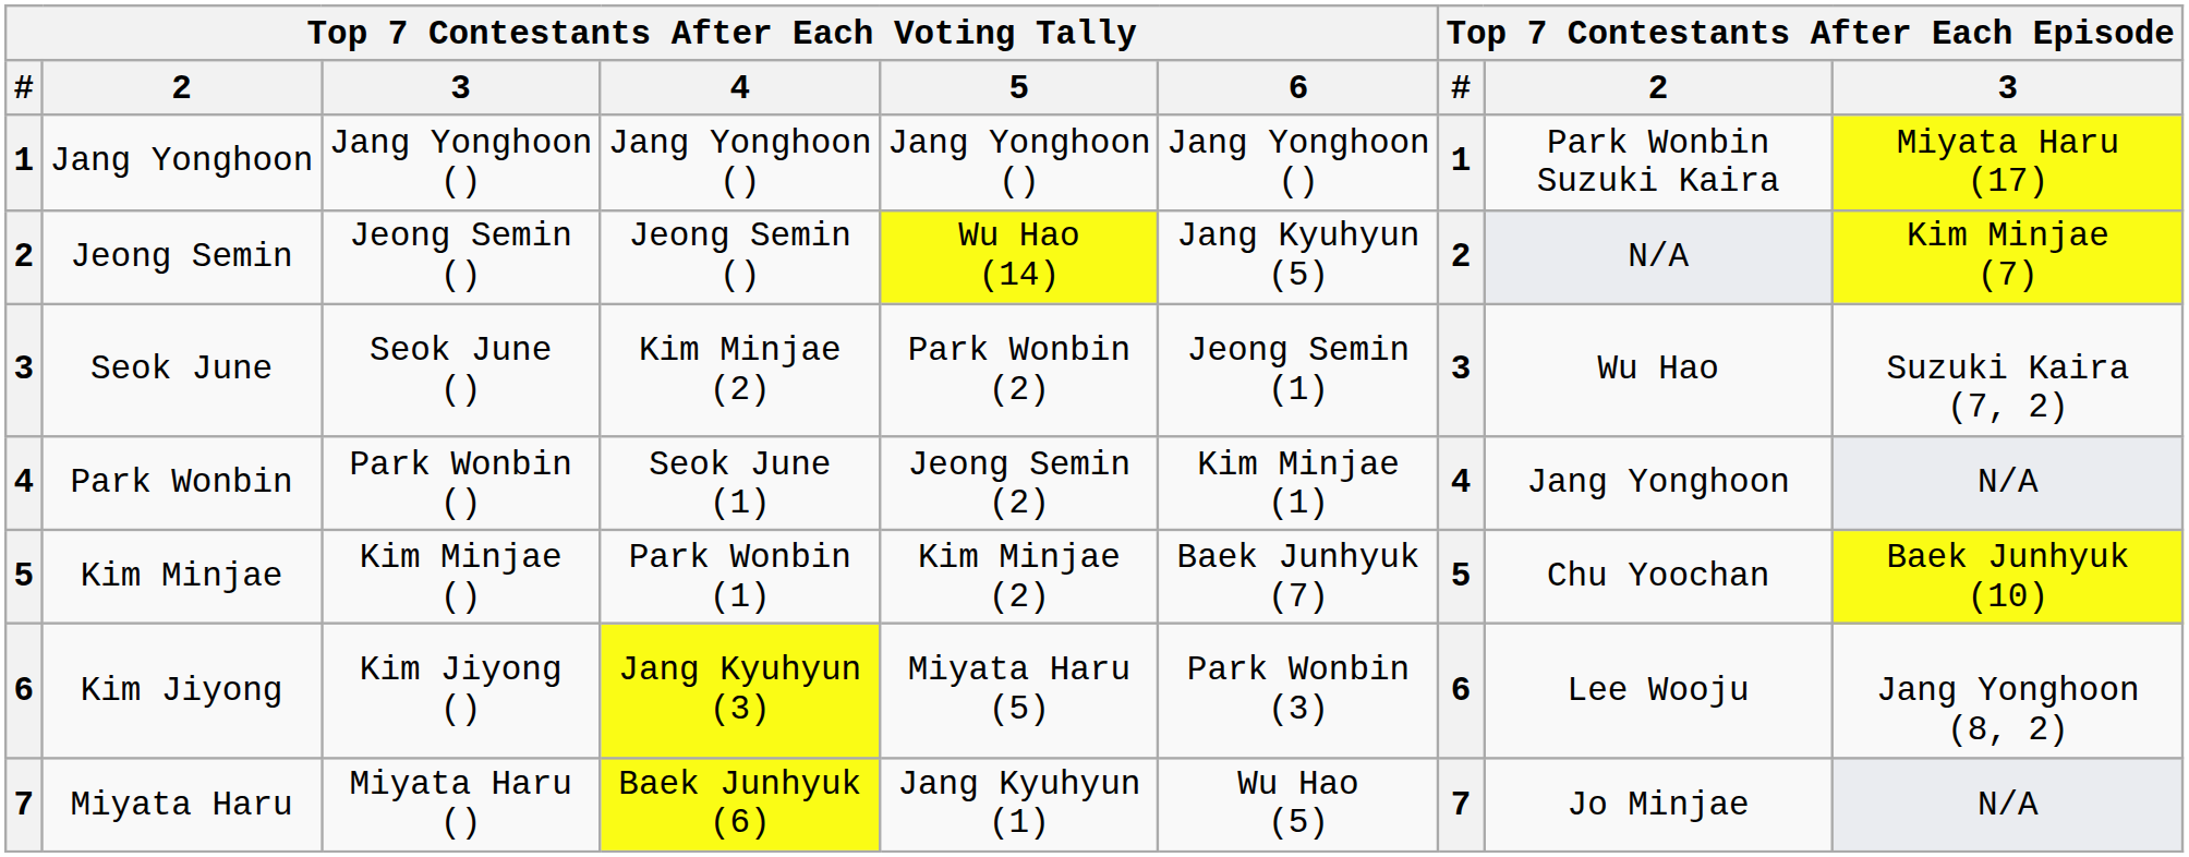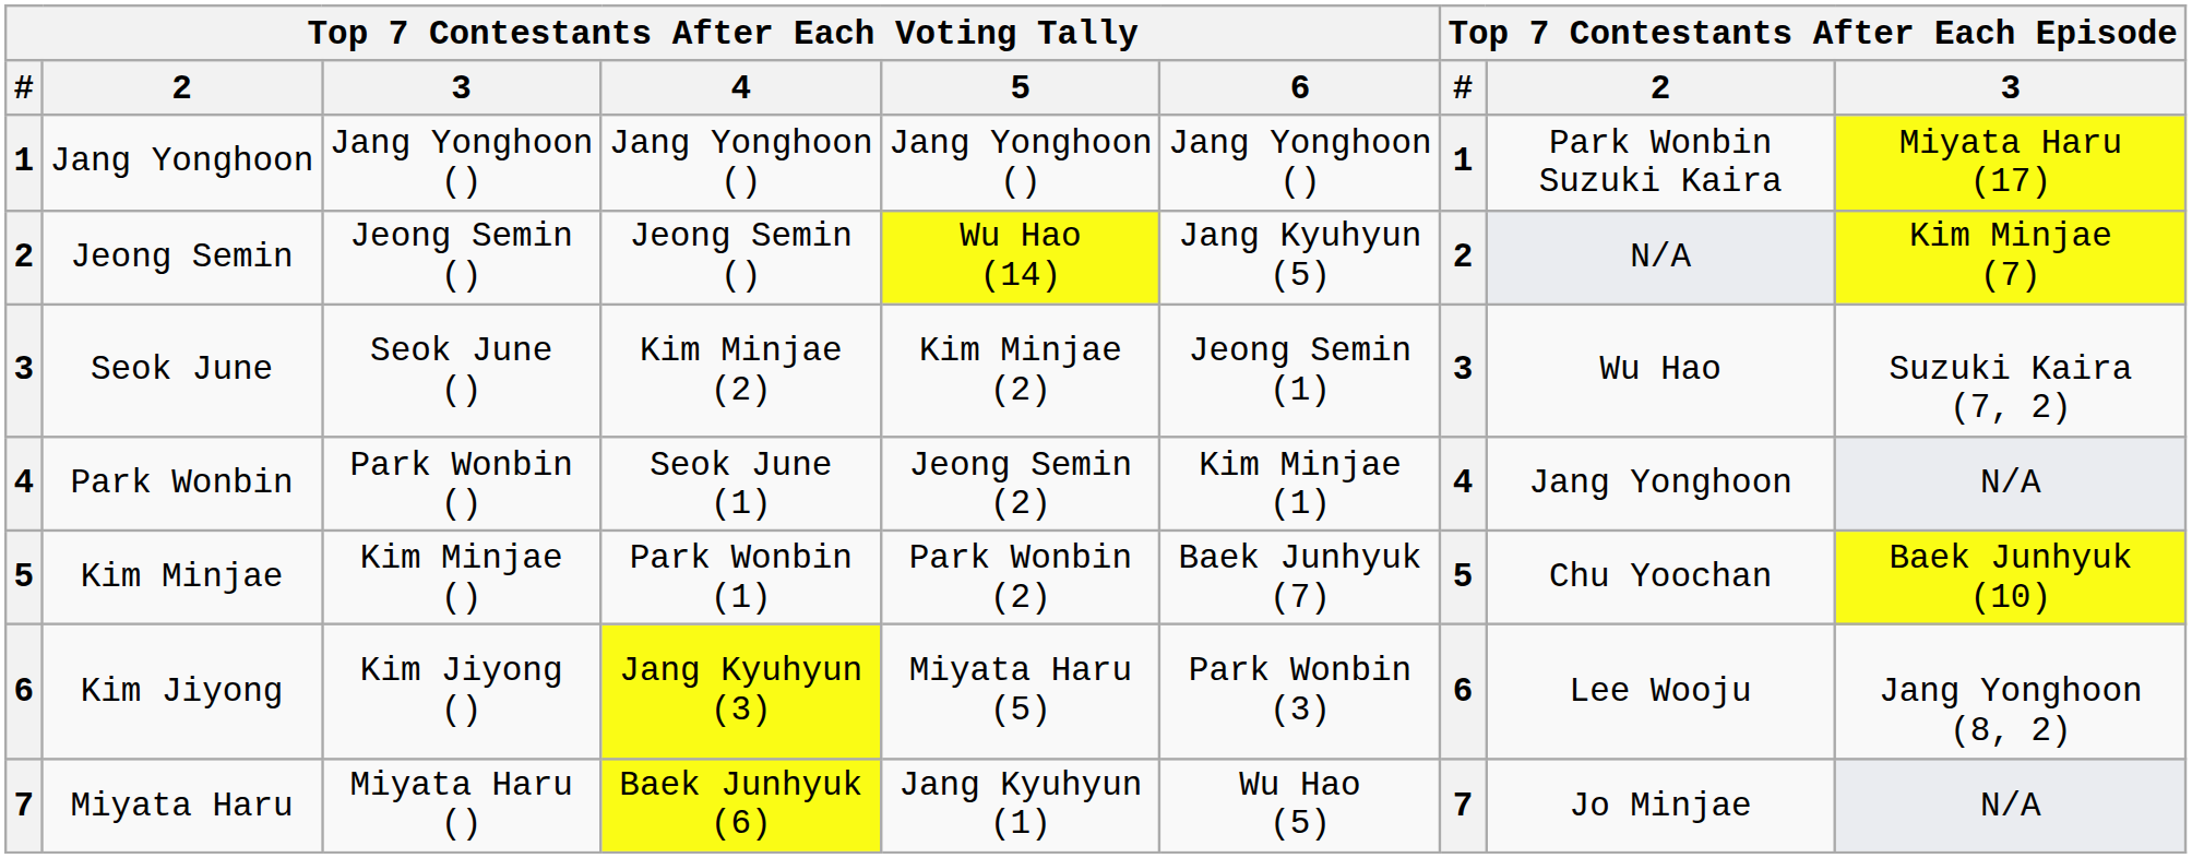 <table class="wikitable mw-collapsible mw-collapsed" style="text-align:center">
 <tr>
 <th colspan="6">Top 7 Contestants After Each Voting Tally</th>
 <th colspan="3">Top 7 Contestants After Each Episode</th>
 </tr>
 <tr>
 <th>#</th>
 <th> 2</th>
 <th> 3</th>
 <th> 4</th>
 <th> 5</th>
 <th> 6</th>
 <th scope="col">#</th>
 <th scope="col"> 2</th>
 <th> 3</th>
 </tr>
 <tr>
 <th>1</th>
 <td>Jang Yonghoon</td>
 <td>Jang Yonghoon<br>()</td>
 <td>Jang Yonghoon<br>()</td>
 <td>Jang Yonghoon<br>()</td>
 <td>Jang Yonghoon<br>()</td>
 <th scope="row">1</th>
 <td>Park Wonbin<br>Suzuki Kaira</td>
 <td style="background:#fafc15">Miyata Haru<br>(17)</td>
 </tr>
 <tr>
 <th>2</th>
 <td>Jeong Semin</td>
 <td>Jeong Semin<br>()</td>
 <td>Jeong Semin<br>()</td>
 <td style="background:#fafc15">Wu Hao<br>(14)</td>
 <td>Jang Kyuhyun<br>(5)</td>
 <th>2</th>
 <td style="background:#eaecf0">N/A</td>
 <td style="background:#fafc15">Kim Minjae<br>(7)</td>
 </tr>
 <tr>
 <th>3</th>
 <td>Seok June</td>
 <td>Seok June<br>()</td>
 <td>Kim Minjae<br>(2)</td>
-<td>Park Wonbin<br>(2)</td>
+<td>Kim Minjae<br>(2)</td>
 <td>Jeong Semin<br>(1)</td>
 <th>3</th>
 <td>Wu Hao</td>
 <td><br>Suzuki Kaira<br>(7, 2)</td>
 </tr>
 <tr>
 <th>4</th>
 <td>Park Wonbin</td>
 <td>Park Wonbin<br>()</td>
 <td>Seok June<br>(1)</td>
 <td>Jeong Semin<br>(2)</td>
 <td>Kim Minjae<br>(1)</td>
 <th>4</th>
 <td>Jang Yonghoon</td>
 <td style="background:#eaecf0">N/A</td>
 </tr>
 <tr>
 <th>5</th>
 <td>Kim Minjae</td>
 <td>Kim Minjae<br>()</td>
 <td>Park Wonbin<br>(1)</td>
-<td>Kim Minjae<br>(2)</td>
+<td>Park Wonbin<br>(2)</td>
 <td>Baek Junhyuk<br>(7)</td>
 <th>5</th>
 <td>Chu Yoochan</td>
 <td style="background:#fafc15">Baek Junhyuk<br>(10)</td>
 </tr>
 <tr>
 <th>6</th>
 <td>Kim Jiyong</td>
 <td>Kim Jiyong<br>()</td>
 <td style="background:#fafc15">Jang Kyuhyun<br>(3)</td>
 <td>Miyata Haru<br>(5)</td>
 <td>Park Wonbin<br>(3)</td>
 <th>6</th>
 <td>Lee Wooju</td>
 <td><br>Jang Yonghoon<br>(8, 2)</td>
 </tr>
 <tr>
 <th>7</th>
 <td>Miyata Haru</td>
 <td>Miyata Haru<br>()</td>
 <td style="background:#fafc15">Baek Junhyuk<br>(6)</td>
 <td>Jang Kyuhyun<br>(1)</td>
 <td>Wu Hao<br>(5)</td>
 <th>7</th>
 <td>Jo Minjae</td>
 <td style="background:#eaecf0">N/A</td>
 </tr>
 </table>
